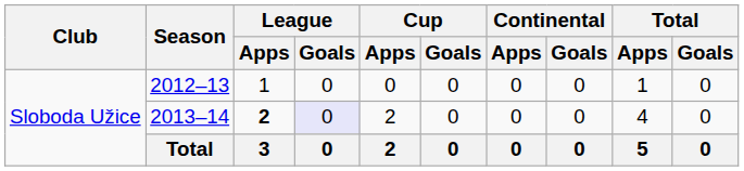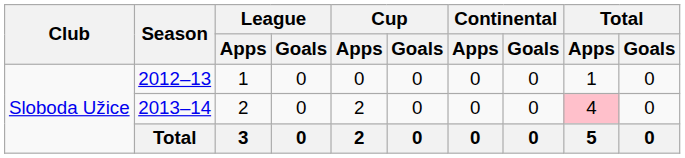 <table class="wikitable" style="text-align:center">
 <tr>
 <th rowspan="2">Club</th>
 <th rowspan="2">Season</th>
 <th colspan="2">League</th>
 <th colspan="2">Cup</th>
 <th colspan="2">Continental</th>
 <th colspan="2">Total</th>
 </tr>
 <tr>
 <th>Apps</th>
 <th>Goals</th>
 <th>Apps</th>
 <th>Goals</th>
 <th>Apps</th>
 <th>Goals</th>
 <th>Apps</th>
 <th>Goals</th>
 </tr>
 <tr>
 <td rowspan="3"><a href='#'>Sloboda Užice</a></td>
 <td><a href='#'>2012–13</a></td>
 <td>1</td>
 <td>0</td>
 <td>0</td>
 <td>0</td>
 <td>0</td>
 <td>0</td>
 <td>1</td>
 <td>0</td>
 </tr>
 <tr>
 <td><a href='#'>2013–14</a></td>
-<td><strong>2</strong></td>
-<td style="background: lavender;">0</td>
+<td>2</td>
+<td>0</td>
 <td>2</td>
 <td>0</td>
 <td>0</td>
 <td>0</td>
-<td>4</td>
+<td style="background: pink;">4</td>
 <td>0</td>
 </tr>
 <tr>
 <th>Total</th>
 <th>3</th>
 <th>0</th>
 <th>2</th>
 <th>0</th>
 <th>0</th>
 <th>0</th>
 <th>5</th>
 <th>0</th>
 </tr>
 </table>
